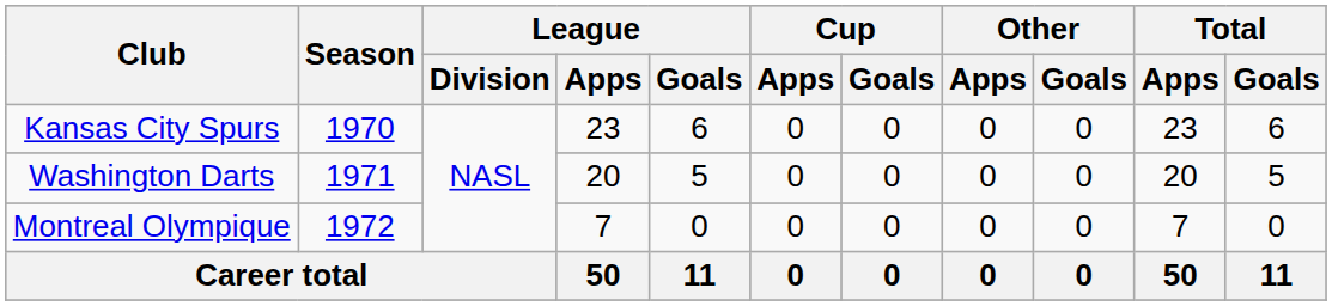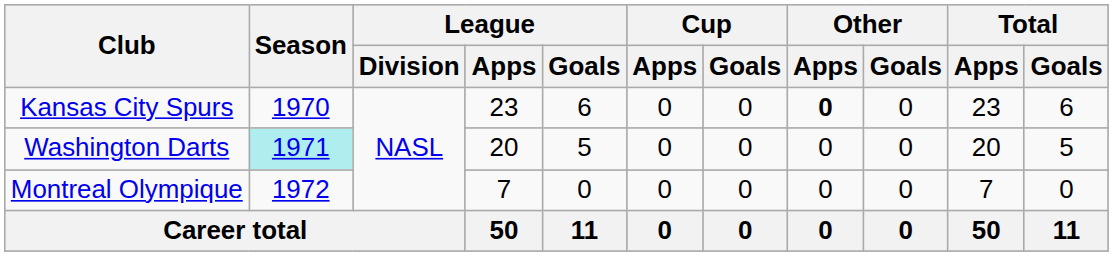 <table class="wikitable" style="text-align: center">
 <tr>
 <th rowspan="2">Club</th>
 <th rowspan="2">Season</th>
 <th colspan="3">League</th>
 <th colspan="2">Cup</th>
 <th colspan="2">Other</th>
 <th colspan="2">Total</th>
 </tr>
 <tr>
 <th>Division</th>
 <th>Apps</th>
 <th>Goals</th>
 <th>Apps</th>
 <th>Goals</th>
 <th>Apps</th>
 <th>Goals</th>
 <th>Apps</th>
 <th>Goals</th>
 </tr>
 <tr>
 <td><a href='#'>Kansas City Spurs</a></td>
 <td><a href='#'>1970</a></td>
 <td rowspan="3"><a href='#'>NASL</a></td>
 <td>23</td>
 <td>6</td>
 <td>0</td>
 <td>0</td>
-<td>0</td>
+<td><strong>0</strong></td>
 <td>0</td>
 <td>23</td>
 <td>6</td>
 </tr>
 <tr>
 <td><a href='#'>Washington Darts</a></td>
-<td><a href='#'>1971</a></td>
+<td style="background: paleturquoise;"><a href='#'>1971</a></td>
 <td>20</td>
 <td>5</td>
 <td>0</td>
 <td>0</td>
 <td>0</td>
 <td>0</td>
 <td>20</td>
 <td>5</td>
 </tr>
 <tr>
 <td><a href='#'>Montreal Olympique</a></td>
 <td><a href='#'>1972</a></td>
 <td>7</td>
 <td>0</td>
 <td>0</td>
 <td>0</td>
 <td>0</td>
 <td>0</td>
 <td>7</td>
 <td>0</td>
 </tr>
 <tr>
 <th colspan="3"><strong>Career total</strong></th>
 <th>50</th>
 <th>11</th>
 <th>0</th>
 <th>0</th>
 <th>0</th>
 <th>0</th>
 <th>50</th>
 <th>11</th>
 </tr>
 </table>
